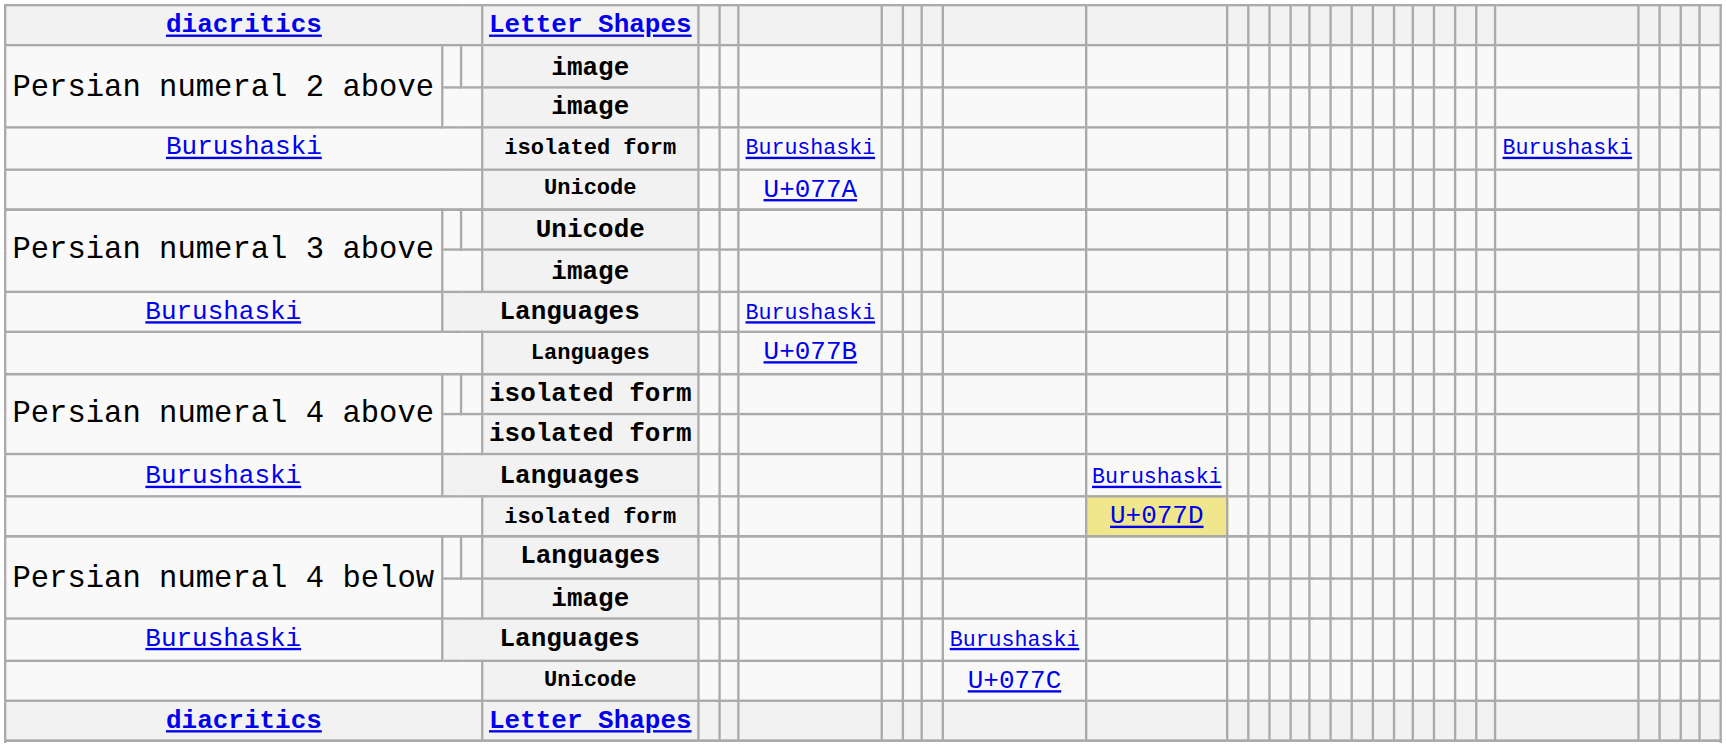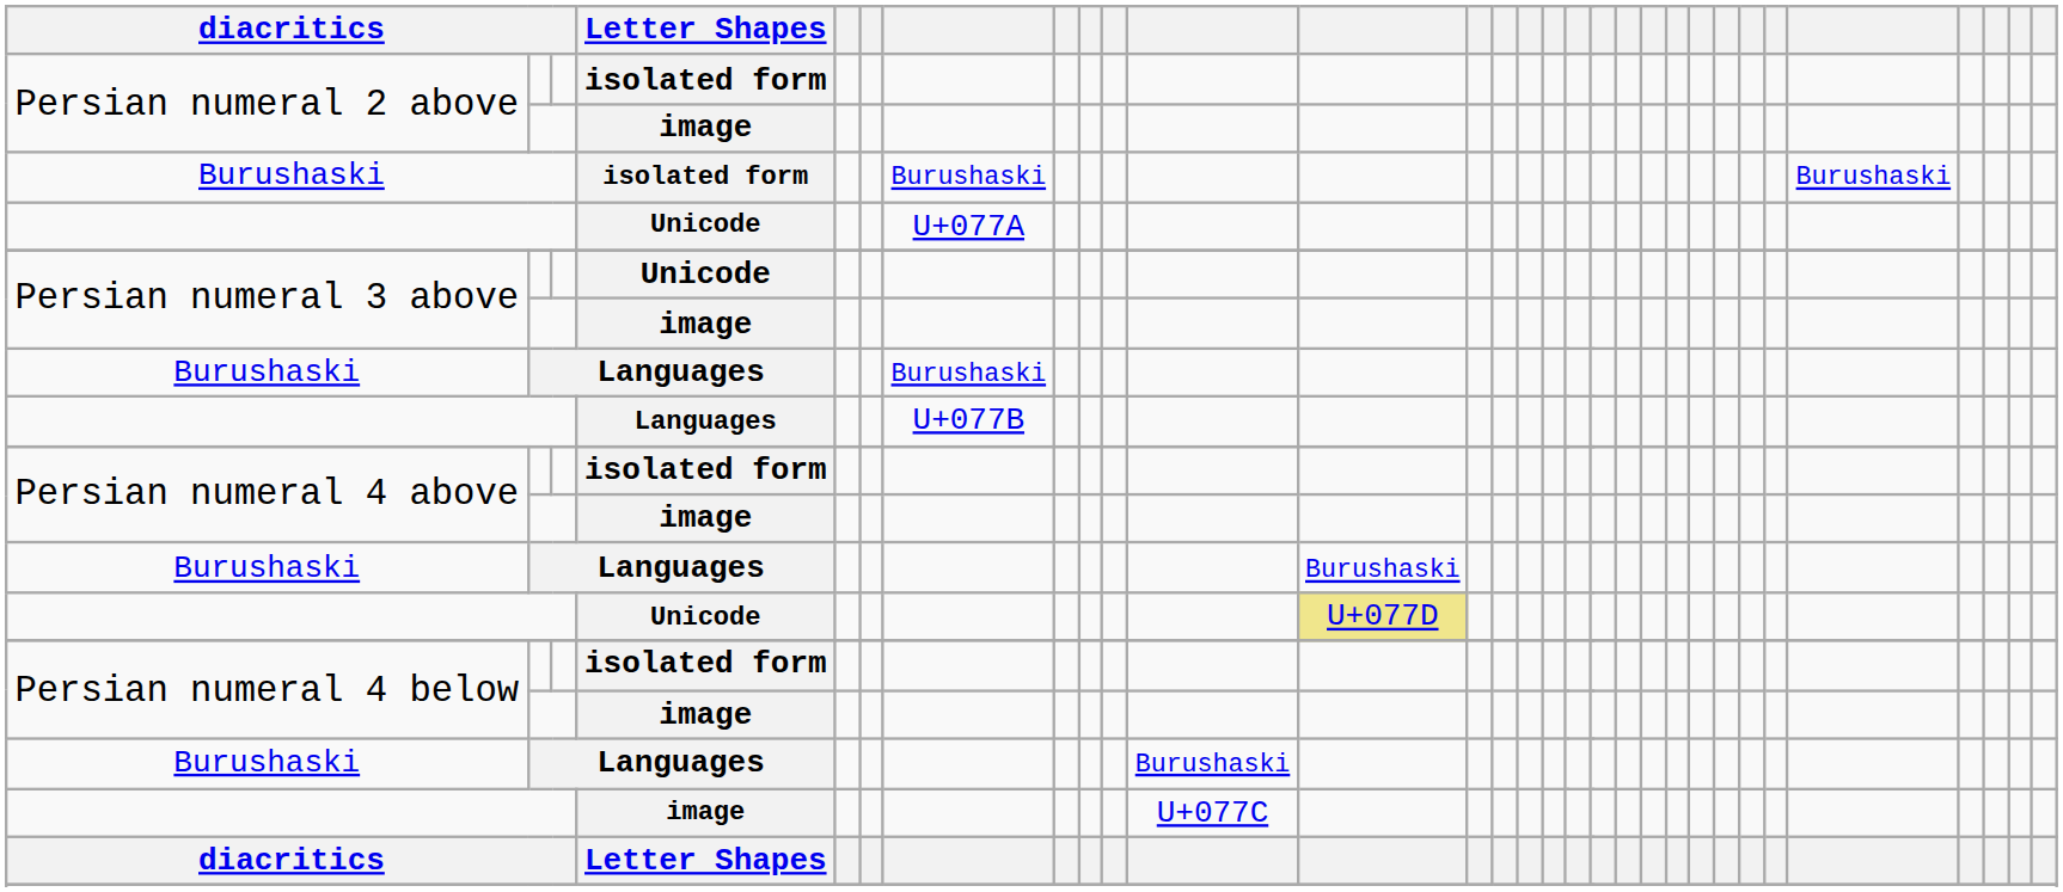 <table class="wikitable" style="text-align:center;">
 <tr>
 <th colspan=4 style="font-size:85%;"><a href='#'>diacritics</a> </th>
 <th colspan=1 style="font-size:85%;"><a href='#'>Letter Shapes</a> </th>
 <th style="font-size:150%;"></th>
 <th style="font-size:150%;"></th>
 <th style="font-size:150%;"></th>
 <th style="font-size:150%;"></th>
 <th style="font-size:150%;"></th>
 <th style="font-size:150%;"></th>
 <th style="font-size:150%;"></th>
 <th style="font-size:150%;"></th>
 <th style="font-size:150%;"></th>
 <th style="font-size:150%;"></th>
 <th style="font-size:150%;"></th>
 <th colspan=2 style="font-size:150%;"></th>
 <th colspan=2 style="font-size:150%;"></th>
 <th style="font-size:150%;"></th>
 <th style="font-size:150%;"></th>
 <th style="font-size:150%;"></th>
 <th style="font-size:150%;"></th>
 <th style="font-size:150%;"></th>
 <th style="font-size:150%;"></th>
 <th style="font-size:150%;"></th>
 <th style="font-size:150%;"></th>
 <th style="font-size:150%;"></th>
 <th style="font-size:150%;"></th>
 <th style="font-size:150%;"></th>
 <th style="font-size:150%;"></th>
 <th style="font-size:150%;"></th>
 </tr>
 <tr>
 <td colspan=2 rowspan=2>Persian numeral 2 above</td>
 <td style="font-size:150%;"></td>
 <td style="font-size:150%;"><sup> </sup></td>
-<th colspan=1 style="font-size:85%;">image</th>
+<th colspan=1 style="font-size:85%;">isolated form</th>
 <td style="font-size:150%;color:#E3E6EB;"></td>
 <td style="font-size:150%;color:#E3E6EB;"></td>
 <td style="font-size:150%;"></td>
 <td style="font-size:150%;color:#E3E6EB;"></td>
 <td style="font-size:150%;color:#E3E6EB;"></td>
 <td style="font-size:150%;color:#E3E6EB;"></td>
 <td style="font-size:150%;color:#E3E6EB;"></td>
 <td style="font-size:150%;color:#E3E6EB;"></td>
 <td style="font-size:150%;color:#E3E6EB;"></td>
 <td style="font-size:150%;color:#E3E6EB;"></td>
 <td style="font-size:150%;color:#E3E6EB;"></td>
 <td colspan=2 style="font-size:150%;color:#E3E6EB;"></td>
 <td colspan=2 style="font-size:150%;color:#E3E6EB;"></td>
 <td style="font-size:150%;color:#E3E6EB;"></td>
 <td style="font-size:150%;color:#E3E6EB;"></td>
 <td style="font-size:150%;color:#E3E6EB;"></td>
 <td style="font-size:150%;color:#E3E6EB;"></td>
 <td style="font-size:150%;color:#E3E6EB;"></td>
 <td style="font-size:150%;color:#E3E6EB;"></td>
 <td style="font-size:150%;color:#E3E6EB;"></td>
 <td style="font-size:150%;color:#E3E6EB;"></td>
 <td style="font-size:150%;"></td>
 <td style="font-size:150%;color:#E3E6EB;"></td>
 <td style="font-size:150%;color:#E3E6EB;"></td>
 <td style="font-size:150%;color:#E3E6EB;"></td>
 <td style="font-size:150%;color:#E3E6EB;"></td>
 </tr>
 <tr>
 <td colspan=2></td>
 <th colspan=1 style="font-size:85%;">image</th>
 <td></td>
 <td></td>
 <td></td>
 <td></td>
 <td></td>
 <td></td>
 <td></td>
 <td></td>
 <td></td>
 <td></td>
 <td></td>
 <td colspan=2></td>
 <td colspan=2></td>
 <td></td>
 <td></td>
 <td></td>
 <td></td>
 <td></td>
 <td></td>
 <td></td>
 <td></td>
 <td></td>
 <td></td>
 <td></td>
 <td></td>
 <td style="white-space:nowrap"></td>
 </tr>
 <tr style="font-size:85%;">
 <td colspan=4><a href='#'>Burushaski</a></td>
 <th colspan=1 style="font-size:85%;">isolated form</th>
 <td></td>
 <td></td>
 <td> <small> <a href='#'>Burushaski</a></small></td>
 <td></td>
 <td></td>
 <td></td>
 <td></td>
 <td></td>
 <td></td>
 <td></td>
 <td></td>
 <td colspan=2></td>
 <td colspan=2></td>
 <td></td>
 <td></td>
 <td></td>
 <td></td>
 <td></td>
 <td></td>
 <td></td>
 <td></td>
 <td> <small> <a href='#'>Burushaski</a></small></td>
 <td></td>
 <td></td>
 <td></td>
 <td style="white-space:nowrap"></td>
 </tr>
 <tr style="font-size:85%;">
 <td colspan=4 style="white-space:nowrap;"></td>
 <th colspan=1 style="font-size:85%;">Unicode</th>
 <td></td>
 <td></td>
 <td> <a href='#'>U+077A</a></td>
 <td></td>
 <td></td>
 <td></td>
 <td></td>
 <td></td>
 <td></td>
 <td></td>
 <td></td>
 <td colspan=2></td>
 <td colspan=2></td>
 <td></td>
 <td></td>
 <td></td>
 <td></td>
 <td></td>
 <td></td>
 <td></td>
 <td></td>
 <td></td>
 <td></td>
 <td></td>
 <td></td>
 <td style="white-space:nowrap"></td>
 </tr>
 <tr>
 </tr>
 <tr>
 <td colspan=2 rowspan=2>Persian numeral 3 above</td>
 <td style="font-size:150%;"></td>
 <td style="font-size:150%;"><sup> </sup></td>
 <th colspan=1 style="font-size:85%;">Unicode</th>
 <td style="font-size:150%;color:#E3E6EB;"></td>
 <td style="font-size:150%;color:#E3E6EB;"></td>
 <td style="font-size:150%;"></td>
 <td style="font-size:150%;"></td>
 <td style="font-size:150%;color:#E3E6EB;"></td>
 <td style="font-size:150%;color:#E3E6EB;"></td>
 <td style="font-size:150%;color:#E3E6EB;"></td>
 <td style="font-size:150%;color:#E3E6EB;"></td>
 <td style="font-size:150%;color:#E3E6EB;"></td>
 <td style="font-size:150%;color:#E3E6EB;"></td>
 <td style="font-size:150%;color:#E3E6EB;"></td>
 <td colspan=2 style="font-size:150%;color:#E3E6EB;"></td>
 <td colspan=2 style="font-size:150%;color:#E3E6EB;"></td>
 <td style="font-size:150%;color:#E3E6EB;"></td>
 <td style="font-size:150%;color:#E3E6EB;"></td>
 <td style="font-size:150%;color:#E3E6EB;"></td>
 <td style="font-size:150%;color:#E3E6EB;"></td>
 <td style="font-size:150%;color:#E3E6EB;"></td>
 <td style="font-size:150%;color:#E3E6EB;"></td>
 <td style="font-size:150%;color:#E3E6EB;"></td>
 <td style="font-size:150%;color:#E3E6EB;"></td>
 <td style="font-size:150%;color:#E3E6EB;"></td>
 <td style="font-size:150%;color:#E3E6EB;"></td>
 <td style="font-size:150%;color:#E3E6EB;"></td>
 <td style="font-size:150%;color:#E3E6EB;"></td>
 <td style="font-size:150%;color:#E3E6EB;"></td>
 </tr>
 <tr>
 <td colspan=2></td>
 <th colspan=1 style="font-size:85%;">image</th>
 <td></td>
 <td></td>
 <td></td>
 <td></td>
 <td></td>
 <td></td>
 <td></td>
 <td></td>
 <td></td>
 <td></td>
 <td></td>
 <td colspan=2></td>
 <td colspan=2></td>
 <td></td>
 <td></td>
 <td></td>
 <td></td>
 <td></td>
 <td></td>
 <td></td>
 <td></td>
 <td></td>
 <td></td>
 <td></td>
 <td></td>
 <td style="white-space:nowrap"></td>
 </tr>
 <tr style="font-size:85%;">
 <td colspan=2><a href='#'>Burushaski</a></td>
 <th colspan=3>Languages</th>
 <td></td>
 <td></td>
 <td> <small> <a href='#'>Burushaski</a></small></td>
 <td></td>
 <td></td>
 <td></td>
 <td></td>
 <td></td>
 <td></td>
 <td></td>
 <td></td>
 <td colspan=2></td>
 <td colspan=2></td>
 <td></td>
 <td></td>
 <td></td>
 <td></td>
 <td></td>
 <td></td>
 <td></td>
 <td></td>
 <td></td>
 <td></td>
 <td></td>
 <td></td>
 <td style="white-space:nowrap"></td>
 </tr>
 <tr style="font-size:85%;">
 <td colspan=4 style="white-space:nowrap;"></td>
 <th colspan=1 style="font-size:85%;">Languages</th>
 <td></td>
 <td></td>
 <td> <a href='#'>U+077B</a></td>
 <td></td>
 <td></td>
 <td></td>
 <td></td>
 <td></td>
 <td></td>
 <td></td>
 <td></td>
 <td colspan=2></td>
 <td colspan=2></td>
 <td></td>
 <td></td>
 <td></td>
 <td></td>
 <td></td>
 <td></td>
 <td></td>
 <td></td>
 <td></td>
 <td></td>
 <td></td>
 <td></td>
 <td style="white-space:nowrap"></td>
 </tr>
 <tr>
 </tr>
 <tr>
 <td colspan=2 rowspan=2>Persian numeral 4 above</td>
 <td style="font-size:150%;"></td>
 <td style="font-size:150%;"><sup> </sup></td>
 <th colspan=1 style="font-size:85%;">isolated form</th>
 <td style="font-size:150%;color:#E3E6EB;"></td>
 <td style="font-size:150%;color:#E3E6EB;"></td>
 <td style="font-size:150%;color:#E3E6EB;"></td>
 <td style="font-size:150%;color:#E3E6EB;"></td>
 <td style="font-size:150%;color:#E3E6EB;"></td>
 <td style="font-size:150%;color:#E3E6EB;"></td>
 <td style="font-size:150%;color:#E3E6EB;"></td>
 <td style="font-size:150%;"></td>
 <td style="font-size:150%;color:#E3E6EB;"></td>
 <td style="font-size:150%;color:#E3E6EB;"></td>
 <td style="font-size:150%;color:#E3E6EB;"></td>
 <td colspan=2 style="font-size:150%;color:#E3E6EB;"></td>
 <td colspan=2 style="font-size:150%;color:#E3E6EB;"></td>
 <td style="font-size:150%;color:#E3E6EB;"></td>
 <td style="font-size:150%;color:#E3E6EB;"></td>
 <td style="font-size:150%;color:#E3E6EB;"></td>
 <td style="font-size:150%;color:#E3E6EB;"></td>
 <td style="font-size:150%;color:#E3E6EB;"></td>
 <td style="font-size:150%;color:#E3E6EB;"></td>
 <td style="font-size:150%;color:#E3E6EB;"></td>
 <td style="font-size:150%;color:#E3E6EB;"></td>
 <td style="font-size:150%;color:#E3E6EB;"></td>
 <td style="font-size:150%;color:#E3E6EB;"></td>
 <td style="font-size:150%;color:#E3E6EB;"></td>
 <td style="font-size:150%;color:#E3E6EB;"></td>
 <td style="font-size:150%;color:#E3E6EB;"></td>
 </tr>
 <tr>
 <td colspan=2></td>
-<th colspan=1 style="font-size:85%;">isolated form</th>
+<th colspan=1 style="font-size:85%;">image</th>
 <td></td>
 <td></td>
 <td></td>
 <td></td>
 <td></td>
 <td></td>
 <td></td>
 <td></td>
 <td></td>
 <td></td>
 <td></td>
 <td colspan=2></td>
 <td colspan=2></td>
 <td></td>
 <td></td>
 <td></td>
 <td></td>
 <td></td>
 <td></td>
 <td></td>
 <td></td>
 <td></td>
 <td></td>
 <td></td>
 <td></td>
 <td style="white-space:nowrap"></td>
 </tr>
 <tr style="font-size:85%;">
 <td colspan=2><a href='#'>Burushaski</a></td>
 <th colspan=3>Languages</th>
 <td></td>
 <td></td>
 <td></td>
 <td></td>
 <td></td>
 <td></td>
 <td></td>
 <td> <small> <a href='#'>Burushaski</a></small></td>
 <td></td>
 <td></td>
 <td></td>
 <td colspan=2></td>
 <td colspan=2></td>
 <td></td>
 <td></td>
 <td></td>
 <td></td>
 <td></td>
 <td></td>
 <td></td>
 <td></td>
 <td></td>
 <td></td>
 <td></td>
 <td></td>
 <td style="white-space:nowrap"></td>
 </tr>
 <tr style="font-size:85%;">
 <td colspan=4 style="white-space:nowrap;"></td>
-<th colspan=1 style="font-size:85%;">isolated form</th>
+<th colspan=1 style="font-size:85%;">Unicode</th>
 <td></td>
 <td></td>
 <td></td>
 <td></td>
 <td></td>
 <td></td>
 <td></td>
 <td style="background: khaki;"> <a href='#'>U+077D</a></td>
 <td></td>
 <td></td>
 <td></td>
 <td colspan=2></td>
 <td colspan=2></td>
 <td></td>
 <td></td>
 <td></td>
 <td></td>
 <td></td>
 <td></td>
 <td></td>
 <td></td>
 <td></td>
 <td></td>
 <td></td>
 <td></td>
 <td style="white-space:nowrap"></td>
 </tr>
 <tr>
 </tr>
 <tr>
 <td colspan=2 rowspan=2>Persian numeral 4 below</td>
 <td style="font-size:150%;"></td>
 <td style="font-size:150%;"><sub> </sub></td>
-<th colspan=1 style="font-size:85%;">Languages</th>
+<th colspan=1 style="font-size:85%;">isolated form</th>
 <td style="font-size:150%;color:#E3E6EB;"></td>
 <td style="font-size:150%;color:#E3E6EB;"></td>
 <td style="font-size:150%;color:#E3E6EB;"></td>
 <td style="font-size:150%;"></td>
 <td style="font-size:150%;color:#E3E6EB;"></td>
 <td style="font-size:150%;color:#E3E6EB;"></td>
 <td style="font-size:150%;"></td>
 <td style="font-size:150%;color:#E3E6EB;"></td>
 <td style="font-size:150%;color:#E3E6EB;"></td>
 <td style="font-size:150%;color:#E3E6EB;"></td>
 <td style="font-size:150%;color:#E3E6EB;"></td>
 <td colspan=2 style="font-size:150%;color:#E3E6EB;"></td>
 <td colspan=2 style="font-size:150%;color:#E3E6EB;"></td>
 <td style="font-size:150%;color:#E3E6EB;"></td>
 <td style="font-size:150%;color:#E3E6EB;"></td>
 <td style="font-size:150%;color:#E3E6EB;"></td>
 <td style="font-size:150%;color:#E3E6EB;"></td>
 <td style="font-size:150%;color:#E3E6EB;"></td>
 <td style="font-size:150%;color:#E3E6EB;"></td>
 <td style="font-size:150%;color:#E3E6EB;"></td>
 <td style="font-size:150%;color:#E3E6EB;"></td>
 <td style="font-size:150%;color:#E3E6EB;"></td>
 <td style="font-size:150%;color:#E3E6EB;"></td>
 <td style="font-size:150%;color:#E3E6EB;"></td>
 <td style="font-size:150%;color:#E3E6EB;"></td>
 <td style="font-size:150%;color:#E3E6EB;"></td>
 </tr>
 <tr>
 <td colspan=2></td>
 <th colspan=1 style="font-size:85%;">image</th>
 <td></td>
 <td></td>
 <td></td>
 <td></td>
 <td></td>
 <td></td>
 <td></td>
 <td></td>
 <td></td>
 <td></td>
 <td></td>
 <td colspan=2></td>
 <td colspan=2></td>
 <td></td>
 <td></td>
 <td></td>
 <td></td>
 <td></td>
 <td></td>
 <td></td>
 <td></td>
 <td></td>
 <td></td>
 <td></td>
 <td></td>
 <td style="white-space:nowrap"></td>
 </tr>
 <tr style="font-size:85%;">
 <td colspan=2><a href='#'>Burushaski</a></td>
 <th colspan=3>Languages</th>
 <td></td>
 <td></td>
 <td></td>
 <td></td>
 <td></td>
 <td></td>
 <td> <small> <a href='#'>Burushaski</a></small></td>
 <td></td>
 <td></td>
 <td></td>
 <td></td>
 <td colspan=2></td>
 <td colspan=2></td>
 <td></td>
 <td></td>
 <td></td>
 <td></td>
 <td></td>
 <td></td>
 <td></td>
 <td></td>
 <td></td>
 <td></td>
 <td></td>
 <td></td>
 <td style="white-space:nowrap"></td>
 </tr>
 <tr style="font-size:85%;">
 <td colspan=4 style="white-space:nowrap;"></td>
-<th colspan=1 style="font-size:85%;">Unicode</th>
+<th colspan=1 style="font-size:85%;">image</th>
 <td></td>
 <td></td>
 <td></td>
 <td></td>
 <td></td>
 <td></td>
 <td> <a href='#'>U+077C</a></td>
 <td></td>
 <td></td>
 <td></td>
 <td></td>
 <td colspan=2></td>
 <td colspan=2></td>
 <td></td>
 <td></td>
 <td></td>
 <td></td>
 <td></td>
 <td></td>
 <td></td>
 <td></td>
 <td></td>
 <td></td>
 <td></td>
 <td></td>
 <td style="white-space:nowrap"></td>
 </tr>
 <tr>
 <th colspan=4 style="font-size:85%;"><a href='#'>diacritics</a> </th>
 <th colspan=1 style="font-size:85%;"><a href='#'>Letter Shapes</a> </th>
 <th style="font-size:150%;"></th>
 <th style="font-size:150%;"></th>
 <th style="font-size:150%;"></th>
 <th style="font-size:150%;"></th>
 <th style="font-size:150%;"></th>
 <th style="font-size:150%;"></th>
 <th style="font-size:150%;"></th>
 <th style="font-size:150%;"></th>
 <th style="font-size:150%;"></th>
 <th style="font-size:150%;"></th>
 <th style="font-size:150%;"></th>
 <th colspan=2 style="font-size:150%;"></th>
 <th colspan=2 style="font-size:150%;"></th>
 <th style="font-size:150%;"></th>
 <th style="font-size:150%;"></th>
 <th style="font-size:150%;"></th>
 <th style="font-size:150%;"></th>
 <th style="font-size:150%;"></th>
 <th style="font-size:150%;"></th>
 <th style="font-size:150%;"></th>
 <th style="font-size:150%;"></th>
 <th style="font-size:150%;"></th>
 <th style="font-size:150%;"></th>
 <th style="font-size:150%;"></th>
 <th style="font-size:150%;"></th>
 <th style="font-size:150%;"></th>
 </tr>
 <tr>
 </tr>
 <tr>
 </tr>
 </table>
